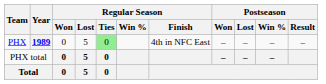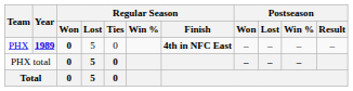 <table class="wikitable" style="font-size: 95%; text-align:center;">
 <tr>
 <th rowspan="2">Team</th>
 <th rowspan="2">Year</th>
 <th colspan="5">Regular Season</th>
 <th colspan="4">Postseason</th>
 </tr>
 <tr>
 <th>Won</th>
 <th>Lost</th>
 <th>Ties</th>
 <th>Win %</th>
 <th>Finish</th>
 <th>Won</th>
 <th>Lost</th>
 <th>Win %</th>
 <th>Result</th>
 </tr>
 <tr>
 <td><a href='#'>PHX</a></td>
 <th><a href='#'>1989</a></th>
+<td><strong>0</strong></td>
+<td>5</td>
 <td>0</td>
-<td>5</td>
-<td style="background: lightgreen;">0</td>
 <td></td>
-<td>4th in NFC East</td>
+<td><strong>4th in NFC East</strong></td>
 <td>–</td>
 <td>–</td>
 <td>–</td>
 <td>–</td>
 </tr>
 <tr>
 <td colspan="2">PHX total</td>
 <th>0</th>
 <th>5</th>
 <th>0</th>
 <th></th>
 <th></th>
 <th>–</th>
 <th>–</th>
 <th>–</th>
 <th></th>
 </tr>
 <tr>
 <th colspan="2">Total</th>
 <th>0</th>
 <th>5</th>
 <th>0</th>
 <th></th>
 <th colspan="5"></th>
 </tr>
 </table>
